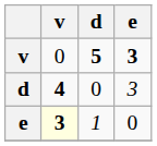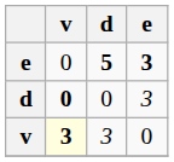 <table class="wikitable" style="text-align: center">
 <tr>
 <th style="width: 20px;"></th>
 <th style="width: 20px;">v</th>
 <th style="width: 20px;">d</th>
 <th style="width: 20px;">e</th>
 </tr>
 <tr>
-<th>v</th>
+<th>e</th>
 <td>0</td>
 <td><strong>5</strong></td>
 <td><strong>3</strong></td>
 </tr>
 <tr>
 <th>d</th>
-<td><strong>4</strong></td>
+<td><strong>0</strong></td>
 <td>0</td>
 <td><em>3</em></td>
 </tr>
 <tr>
-<th>e</th>
+<th>v</th>
 <td style="background: lightyellow;"><strong>3</strong></td>
-<td><em>1</em></td>
+<td><em>3</em></td>
 <td>0</td>
 </tr>
 <tr>
 </tr>
 </table>
